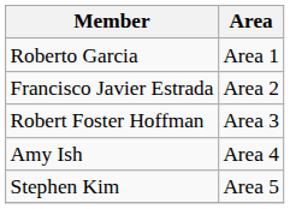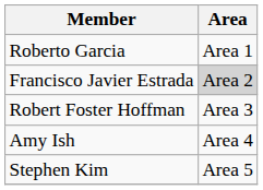 <table class="wikitable">
 <tr>
 <th>Member</th>
 <th>Area</th>
 </tr>
 <tr>
 <td>Roberto Garcia</td>
 <td>Area 1</td>
 </tr>
 <tr>
 <td>Francisco Javier Estrada</td>
-<td>Area 2</td>
+<td style="background: lightgrey;">Area 2</td>
 </tr>
 <tr>
 <td>Robert Foster Hoffman</td>
 <td>Area 3</td>
 </tr>
 <tr>
 <td>Amy Ish</td>
 <td>Area 4</td>
 </tr>
 <tr>
 <td>Stephen Kim</td>
 <td>Area 5</td>
 </tr>
 <tr>
 </tr>
 </table>
